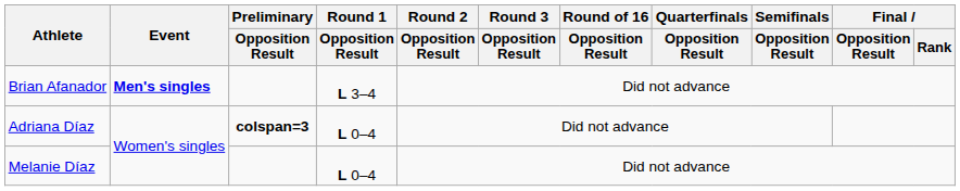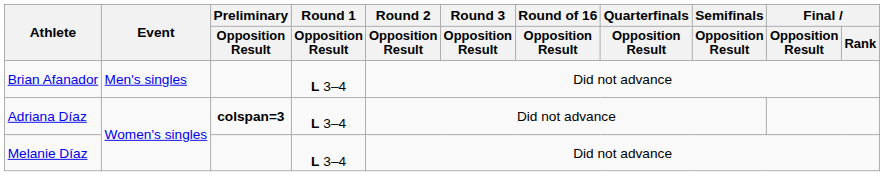 <table class="wikitable" style="font-size:90%;">
 <tr>
 <th rowspan=2>Athlete</th>
 <th rowspan=2>Event</th>
 <th>Preliminary</th>
 <th>Round 1</th>
 <th>Round 2</th>
 <th>Round 3</th>
 <th>Round of 16</th>
 <th>Quarterfinals</th>
 <th>Semifinals</th>
 <th colspan=2>Final / </th>
 </tr>
 <tr style="font-size:95%">
 <th>Opposition<br>Result</th>
 <th>Opposition<br>Result</th>
 <th>Opposition<br>Result</th>
 <th>Opposition<br>Result</th>
 <th>Opposition<br>Result</th>
 <th>Opposition<br>Result</th>
 <th>Opposition<br>Result</th>
 <th>Opposition<br>Result</th>
 <th>Rank</th>
 </tr>
 <tr align=center>
 <td align=left><a href='#'>Brian Afanador</a></td>
-<td align=left><strong><a href='#'>Men's singles</a></strong></td>
+<td align=left><a href='#'>Men's singles</a></td>
 <td></td>
 <td><br><strong>L</strong> 3–4</td>
 <td colspan=7>Did not advance</td>
 </tr>
 <tr align=center>
 <td align=left><a href='#'>Adriana Díaz</a></td>
 <td align=left rowspan=2><a href='#'>Women's singles</a></td>
 <td><strong>colspan=3 </strong></td>
-<td><br><strong>L</strong> 0–4</td>
+<td><br><strong>L</strong> 3–4</td>
 <td colspan=5>Did not advance</td>
 </tr>
 <tr align=center>
 <td align=left><a href='#'>Melanie Díaz</a></td>
 <td></td>
-<td><br><strong>L</strong> 0–4</td>
+<td><br><strong>L</strong> 3–4</td>
 <td colspan=7>Did not advance</td>
 </tr>
 </table>
